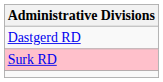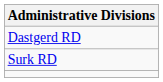 <table class="wikitable">
 <tr>
 <th>Administrative Divisions</th>
 </tr>
 <tr>
 <td><a href='#'>Dastgerd RD</a></td>
 </tr>
 <tr>
-<td style="background: pink;"><a href='#'>Surk RD</a></td>
+<td><a href='#'>Surk RD</a></td>
 </tr>
 <tr>
 <td colspan=1></td>
 </tr>
 </table>
